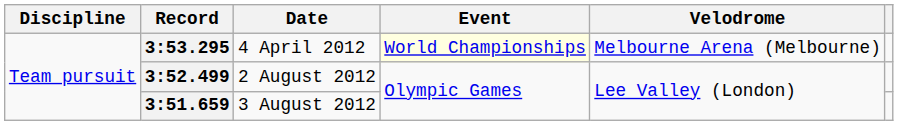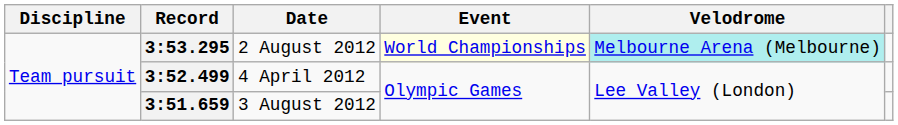 <table class="wikitable">
 <tr>
 <th>Discipline</th>
 <th>Record</th>
 <th>Date</th>
 <th>Event</th>
 <th>Velodrome</th>
 <th></th>
 </tr>
 <tr>
 <td rowspan=3><a href='#'>Team pursuit</a></td>
 <th scope="row" style="text-align:left;">3:53.295</th>
-<td>4 April 2012</td>
+<td>2 August 2012</td>
 <td style="background: lightyellow;"><a href='#'>World Championships</a></td>
-<td><a href='#'>Melbourne Arena</a> (Melbourne)</td>
+<td style="background: paleturquoise;"><a href='#'>Melbourne Arena</a> (Melbourne)</td>
 <td style="text-align:center;"></td>
 </tr>
 <tr>
 <th scope="row" style="text-align:left;">3:52.499</th>
-<td>2 August 2012</td>
+<td>4 April 2012</td>
 <td rowspan="2"><a href='#'>Olympic Games</a></td>
 <td rowspan="2"><a href='#'>Lee Valley</a> (London)</td>
 <td style="text-align:center;"></td>
 </tr>
 <tr>
 <th scope="row" style="text-align:left;">3:51.659</th>
 <td>3 August 2012</td>
 <td style="text-align:center;"></td>
 </tr>
 </table>
